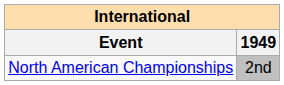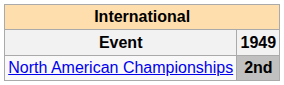 <table class="wikitable" style="text-align:center">
 <tr>
 <th style="background-color: #ffdead; " colspan=2 align=center><strong>International</strong></th>
 </tr>
 <tr>
 <th>Event</th>
 <th>1949</th>
 </tr>
 <tr>
 <td align=left><a href='#'>North American Championships</a></td>
-<td bgcolor=silver>2nd</td>
+<td bgcolor=silver><strong>2nd</strong></td>
 </tr>
 </table>
